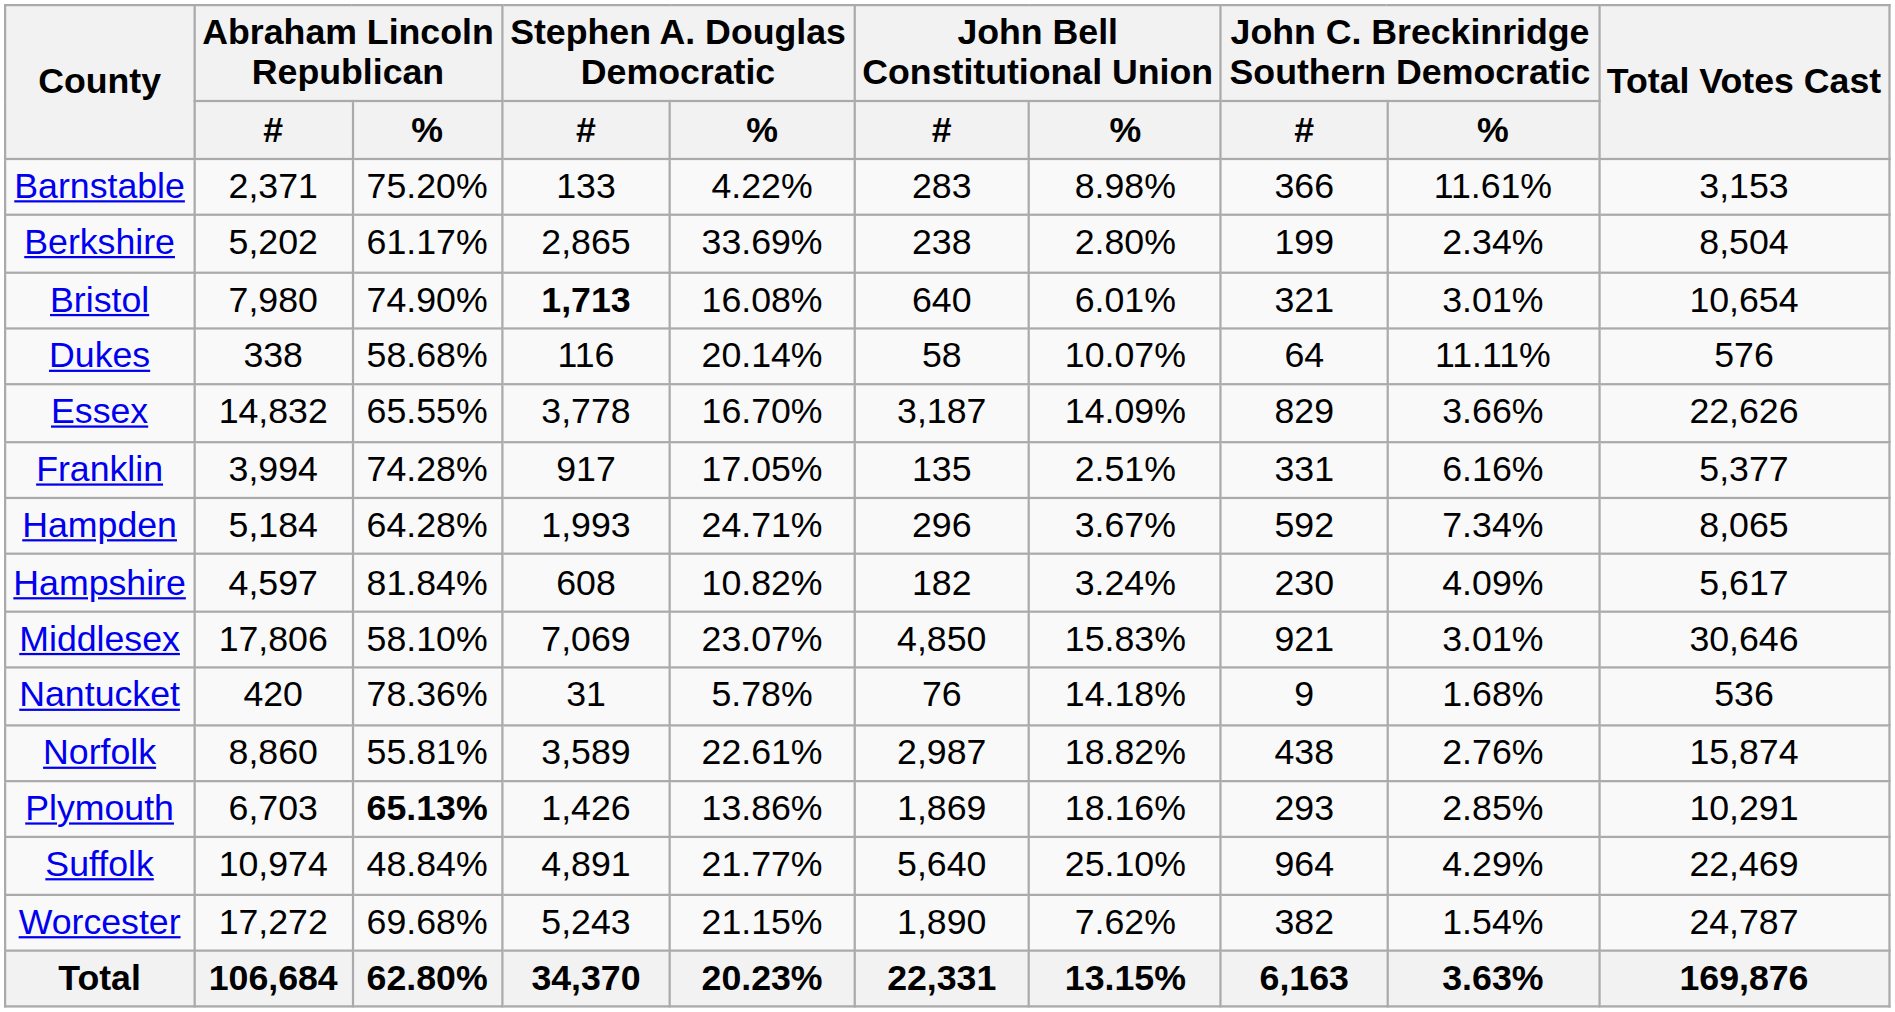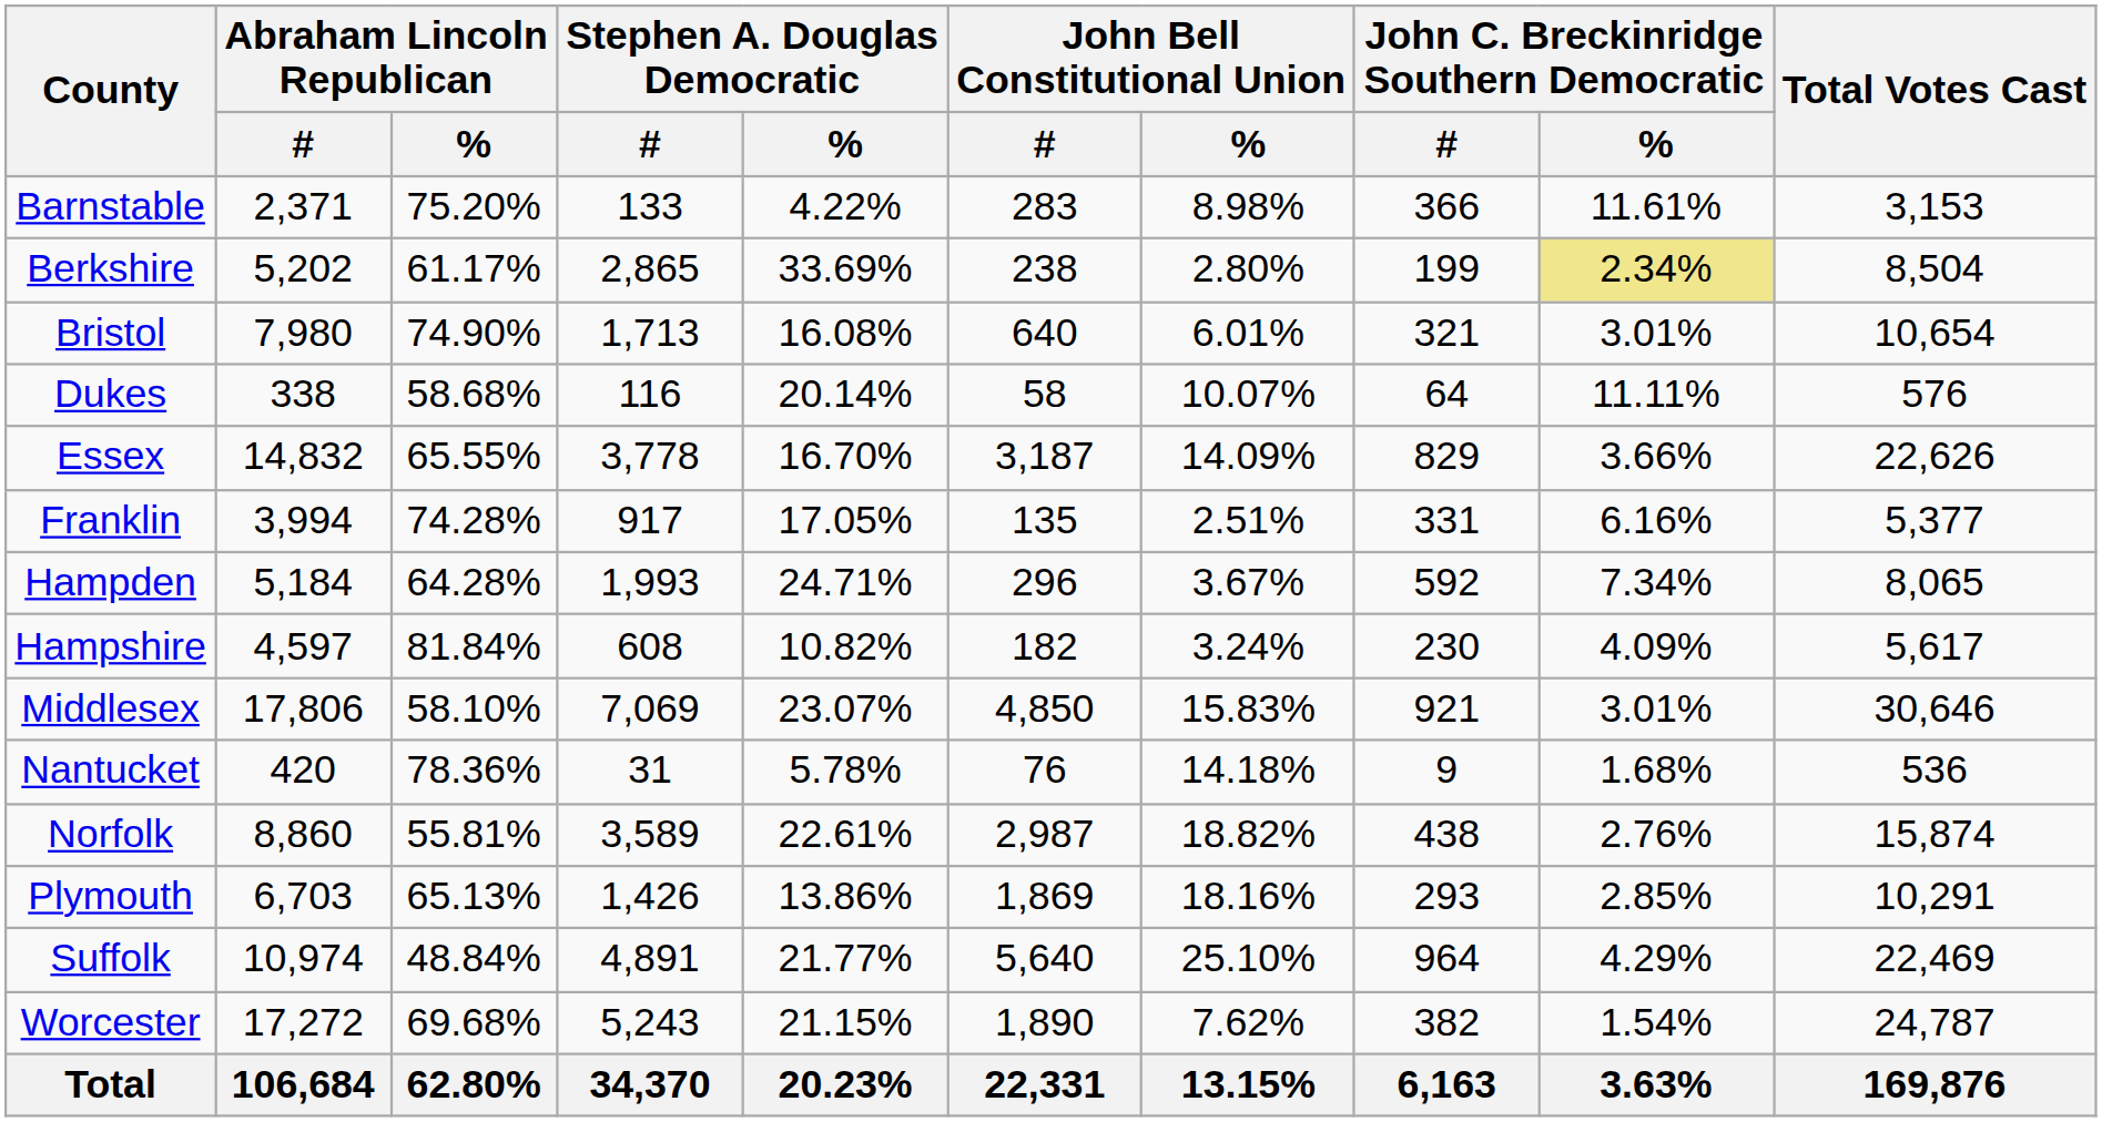 <table class="wikitable sortable">
 <tr>
 <th rowspan="2">County</th>
 <th colspan="2">Abraham Lincoln<br>Republican</th>
 <th colspan="2">Stephen A. Douglas<br>Democratic</th>
 <th colspan="2">John Bell<br>Constitutional Union</th>
 <th colspan="2">John C. Breckinridge<br>Southern Democratic</th>
 <th rowspan="2">Total Votes Cast</th>
 </tr>
 <tr style="text-align:center;">
 <th>#</th>
 <th>%</th>
 <th>#</th>
 <th>%</th>
 <th>#</th>
 <th>%</th>
 <th>#</th>
 <th>%</th>
 </tr>
 <tr style="text-align:center;">
 <td><a href='#'>Barnstable</a></td>
 <td>2,371</td>
 <td>75.20%</td>
 <td>133</td>
 <td>4.22%</td>
 <td>283</td>
 <td>8.98%</td>
 <td>366</td>
 <td>11.61%</td>
 <td>3,153</td>
 </tr>
 <tr style="text-align:center;">
 <td><a href='#'>Berkshire</a></td>
 <td>5,202</td>
 <td>61.17%</td>
 <td>2,865</td>
 <td>33.69%</td>
 <td>238</td>
 <td>2.80%</td>
 <td>199</td>
-<td>2.34%</td>
+<td style="background: khaki;">2.34%</td>
 <td>8,504</td>
 </tr>
 <tr style="text-align:center;">
 <td><a href='#'>Bristol</a></td>
 <td>7,980</td>
 <td>74.90%</td>
-<td><strong>1,713</strong></td>
+<td>1,713</td>
 <td>16.08%</td>
 <td>640</td>
 <td>6.01%</td>
 <td>321</td>
 <td>3.01%</td>
 <td>10,654</td>
 </tr>
 <tr style="text-align:center;">
 <td><a href='#'>Dukes</a></td>
 <td>338</td>
 <td>58.68%</td>
 <td>116</td>
 <td>20.14%</td>
 <td>58</td>
 <td>10.07%</td>
 <td>64</td>
 <td>11.11%</td>
 <td>576</td>
 </tr>
 <tr style="text-align:center;">
 <td><a href='#'>Essex</a></td>
 <td>14,832</td>
 <td>65.55%</td>
 <td>3,778</td>
 <td>16.70%</td>
 <td>3,187</td>
 <td>14.09%</td>
 <td>829</td>
 <td>3.66%</td>
 <td>22,626</td>
 </tr>
 <tr style="text-align:center;">
 <td><a href='#'>Franklin</a></td>
 <td>3,994</td>
 <td>74.28%</td>
 <td>917</td>
 <td>17.05%</td>
 <td>135</td>
 <td>2.51%</td>
 <td>331</td>
 <td>6.16%</td>
 <td>5,377</td>
 </tr>
 <tr style="text-align:center;">
 <td><a href='#'>Hampden</a></td>
 <td>5,184</td>
 <td>64.28%</td>
 <td>1,993</td>
 <td>24.71%</td>
 <td>296</td>
 <td>3.67%</td>
 <td>592</td>
 <td>7.34%</td>
 <td>8,065</td>
 </tr>
 <tr style="text-align:center;">
 <td><a href='#'>Hampshire</a></td>
 <td>4,597</td>
 <td>81.84%</td>
 <td>608</td>
 <td>10.82%</td>
 <td>182</td>
 <td>3.24%</td>
 <td>230</td>
 <td>4.09%</td>
 <td>5,617</td>
 </tr>
 <tr style="text-align:center;">
 <td><a href='#'>Middlesex</a></td>
 <td>17,806</td>
 <td>58.10%</td>
 <td>7,069</td>
 <td>23.07%</td>
 <td>4,850</td>
 <td>15.83%</td>
 <td>921</td>
 <td>3.01%</td>
 <td>30,646</td>
 </tr>
 <tr style="text-align:center;">
 <td><a href='#'>Nantucket</a></td>
 <td>420</td>
 <td>78.36%</td>
 <td>31</td>
 <td>5.78%</td>
 <td>76</td>
 <td>14.18%</td>
 <td>9</td>
 <td>1.68%</td>
 <td>536</td>
 </tr>
 <tr style="text-align:center;">
 <td><a href='#'>Norfolk</a></td>
 <td>8,860</td>
 <td>55.81%</td>
 <td>3,589</td>
 <td>22.61%</td>
 <td>2,987</td>
 <td>18.82%</td>
 <td>438</td>
 <td>2.76%</td>
 <td>15,874</td>
 </tr>
 <tr style="text-align:center;">
 <td><a href='#'>Plymouth</a></td>
 <td>6,703</td>
-<td><strong>65.13%</strong></td>
+<td>65.13%</td>
 <td>1,426</td>
 <td>13.86%</td>
 <td>1,869</td>
 <td>18.16%</td>
 <td>293</td>
 <td>2.85%</td>
 <td>10,291</td>
 </tr>
 <tr style="text-align:center;">
 <td><a href='#'>Suffolk</a></td>
 <td>10,974</td>
 <td>48.84%</td>
 <td>4,891</td>
 <td>21.77%</td>
 <td>5,640</td>
 <td>25.10%</td>
 <td>964</td>
 <td>4.29%</td>
 <td>22,469</td>
 </tr>
 <tr style="text-align:center;">
 <td><a href='#'>Worcester</a></td>
 <td>17,272</td>
 <td>69.68%</td>
 <td>5,243</td>
 <td>21.15%</td>
 <td>1,890</td>
 <td>7.62%</td>
 <td>382</td>
 <td>1.54%</td>
 <td>24,787</td>
 </tr>
 <tr style="text-align:center;">
 <th>Total</th>
 <th>106,684</th>
 <th>62.80%</th>
 <th>34,370</th>
 <th>20.23%</th>
 <th>22,331</th>
 <th>13.15%</th>
 <th>6,163</th>
 <th>3.63%</th>
 <th>169,876</th>
 </tr>
 </table>
